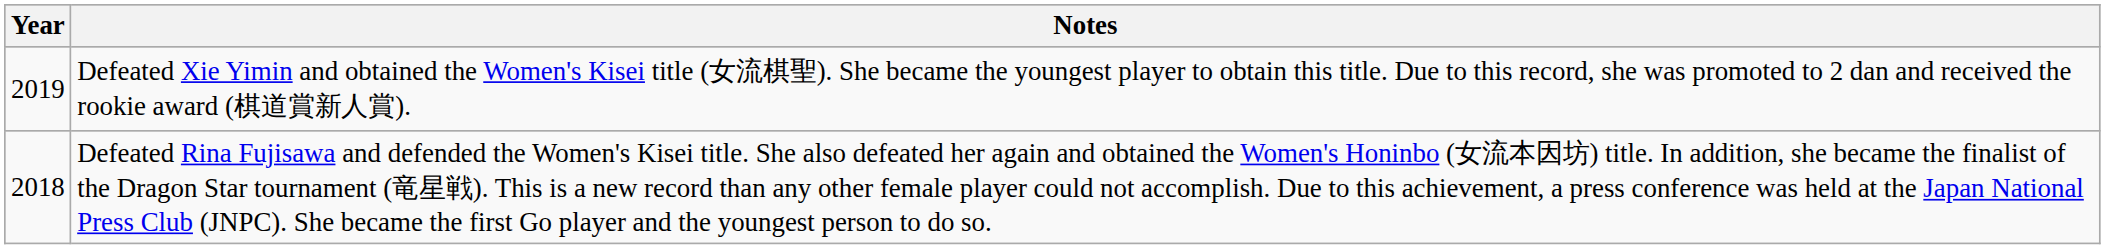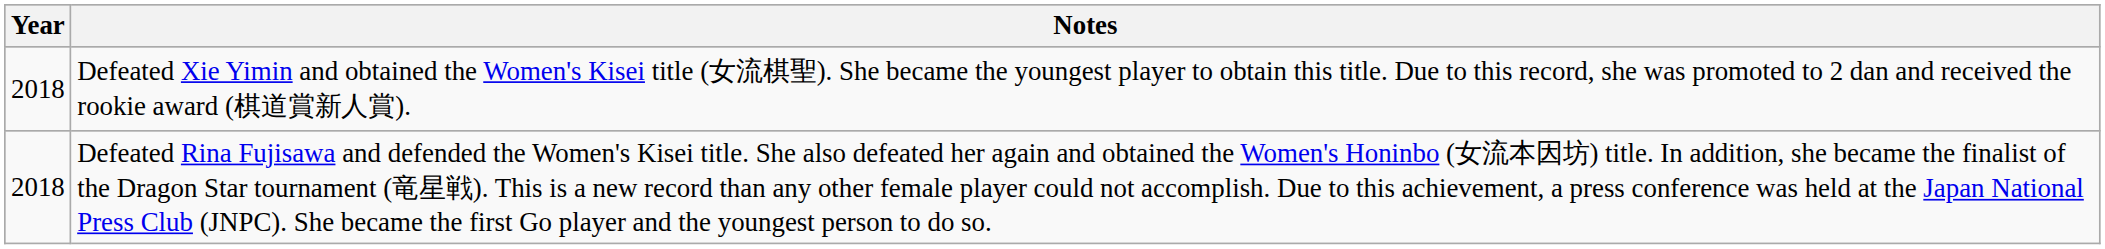 <table class="wikitable">
 <tr>
 <th>Year</th>
 <th>Notes</th>
 </tr>
 <tr>
-<td>2019</td>
+<td>2018</td>
 <td>Defeated <a href='#'>Xie Yimin</a> and obtained the <a href='#'>Women's Kisei</a> title (女流棋聖). She became the youngest player to obtain this title. Due to this record, she was promoted to 2 dan and received the rookie award (棋道賞新人賞).</td>
 </tr>
 <tr>
 <td>2018</td>
 <td>Defeated <a href='#'>Rina Fujisawa</a> and defended the Women's Kisei title. She also defeated her again and obtained the <a href='#'>Women's Honinbo</a> (女流本因坊) title. In addition, she became the finalist of the Dragon Star tournament (竜星戦). This is a new record than any other female player could not accomplish. Due to this achievement, a press conference was held at the <a href='#'>Japan National Press Club</a> (JNPC). She became the first Go player and the youngest person to do so.</td>
 </tr>
 </table>
